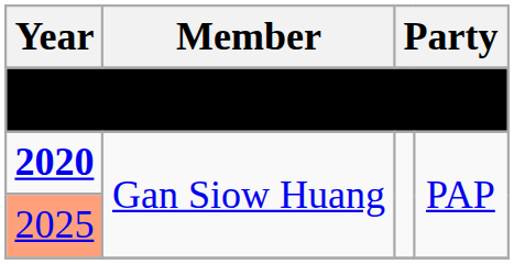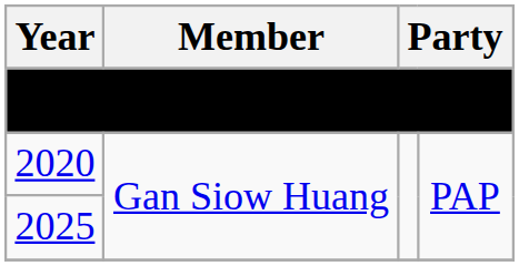 <table class="wikitable" align="center" style="text-align:center">
 <tr>
 <th>Year</th>
 <th>Member</th>
 <th colspan="2">Party</th>
 </tr>
 <tr>
 <td colspan=4 bgcolor=black><span><strong>Formation</strong></span></td>
 </tr>
 <tr>
-<td><strong><a href='#'>2020</a></strong></td>
+<td><a href='#'>2020</a></td>
 <td rowspan="2"><a href='#'>Gan Siow Huang</a></td>
 <td rowspan="2"></td>
 <td rowspan="2"><a href='#'>PAP</a></td>
 </tr>
 <tr>
-<td style="background: lightsalmon;"><a href='#'>2025</a></td>
+<td><a href='#'>2025</a></td>
 </tr>
 <tr>
 </tr>
 </table>
